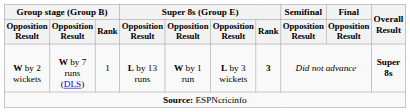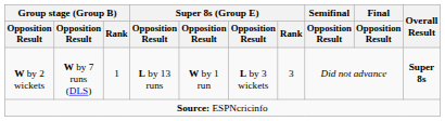 <table class=wikitable style=font-size:90%;text-align:center>
 <tr>
 <th colspan=3>Group stage (Group B)</th>
 <th colspan=4>Super 8s (Group E)</th>
 <th>Semifinal</th>
 <th>Final</th>
 <th rowspan=2>Overall Result</th>
 </tr>
 <tr style=font-size:95%>
 <th>Opposition<br>Result</th>
 <th>Opposition<br>Result</th>
 <th>Rank</th>
 <th>Opposition<br>Result</th>
 <th>Opposition<br>Result</th>
 <th>Opposition<br>Result</th>
 <th>Rank</th>
 <th>Opposition<br>Result</th>
 <th>Opposition<br>Result</th>
 </tr>
 <tr>
 <td><br><strong>W</strong> by 2 wickets</td>
 <td><br><strong>W</strong> by 7 runs (<a href='#'>DLS</a>)</td>
 <td>1</td>
 <td><br><strong>L</strong> by 13 runs</td>
 <td><br><strong>W</strong> by 1 run</td>
 <td><br><strong>L</strong> by 3 wickets</td>
-<td><strong>3</strong></td>
+<td>3</td>
 <td colspan="2"><em>Did not advance</em></td>
 <td><strong>Super 8s</strong></td>
 </tr>
 <tr>
 <td colspan="11"><strong>Source:</strong> ESPNcricinfo</td>
 </tr>
 </table>
